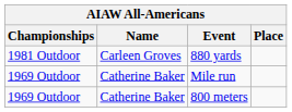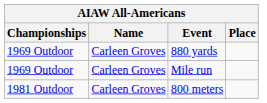 <table class="wikitable sortable">
 <tr>
 <th colspan="5">AIAW All-Americans</th>
 </tr>
 <tr>
 <th scope="col">Championships</th>
 <th scope="col">Name</th>
 <th scope="col">Event</th>
 <th scope="col">Place</th>
 </tr>
 <tr>
-<td><a href='#'>1981 Outdoor</a></td>
+<td><a href='#'>1969 Outdoor</a></td>
 <td><a href='#'>Carleen Groves</a></td>
 <td><a href='#'>880 yards</a></td>
 <td></td>
 </tr>
 <tr>
 <td><a href='#'>1969 Outdoor</a></td>
-<td><a href='#'>Catherine Baker</a></td>
+<td><a href='#'>Carleen Groves</a></td>
 <td><a href='#'>Mile run</a></td>
 <td></td>
 </tr>
 <tr>
-<td><a href='#'>1969 Outdoor</a></td>
-<td><a href='#'>Catherine Baker</a></td>
+<td><a href='#'>1981 Outdoor</a></td>
+<td><a href='#'>Carleen Groves</a></td>
 <td><a href='#'>800 meters</a></td>
 <td></td>
 </tr>
 </table>
